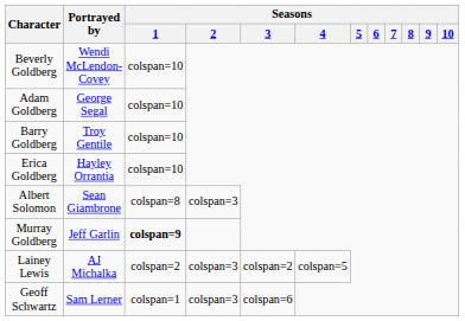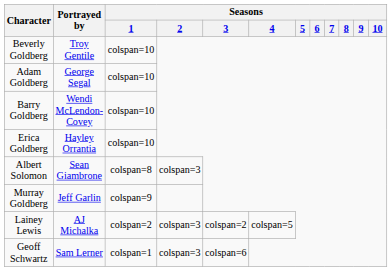 <table class="wikitable plainrowheaders" style="text-align:center;">
 <tr>
 <th scope="col" rowspan="2">Character</th>
 <th scope="col" rowspan="2">Portrayed by</th>
 <th scope="col" colspan="10">Seasons</th>
 </tr>
 <tr>
 <th scope="col" style="width:8%;"><a href='#'>1</a></th>
 <th scope="col" style="width:8%;"><a href='#'>2</a></th>
 <th scope="col" style="width:8%;"><a href='#'>3</a></th>
 <th scope="col" style="width:8%;"><a href='#'>4</a></th>
 <th scope="col" style="width:8%;"><a href='#'>5</a></th>
 <th scope="col" style="width:8%;"><a href='#'>6</a></th>
 <th scope="col" style="width:8%;"><a href='#'>7</a></th>
 <th scope="col" style="width:8%;"><a href='#'>8</a></th>
 <th scope="col" style="width:8%;"><a href='#'>9</a></th>
 <th scope="col" style="width:8%;"><a href='#'>10</a></th>
 </tr>
 <tr>
 <td>Beverly Goldberg</td>
-<td><a href='#'>Wendi McLendon-Covey</a></td>
+<td><a href='#'>Troy Gentile</a></td>
 <td>colspan=10 </td>
 </tr>
 <tr>
 <td>Adam Goldberg</td>
 <td><a href='#'>George Segal</a></td>
 <td>colspan=10 </td>
 </tr>
 <tr>
 <td>Barry Goldberg</td>
-<td><a href='#'>Troy Gentile</a></td>
+<td><a href='#'>Wendi McLendon-Covey</a></td>
 <td>colspan=10 </td>
 </tr>
 <tr>
 <td>Erica Goldberg</td>
 <td><a href='#'>Hayley Orrantia</a></td>
 <td>colspan=10 </td>
 </tr>
 <tr>
 <td>Albert Solomon</td>
 <td><a href='#'>Sean Giambrone</a></td>
 <td>colspan=8 </td>
 <td>colspan=3 </td>
 </tr>
 <tr>
 <td>Murray Goldberg</td>
 <td><a href='#'>Jeff Garlin</a></td>
-<td><strong>colspan=9 </strong></td>
+<td>colspan=9 </td>
 <td></td>
 </tr>
 <tr>
 <td>Lainey Lewis</td>
 <td><a href='#'>AJ Michalka</a></td>
 <td>colspan=2 </td>
 <td>colspan=3 </td>
 <td>colspan=2 </td>
 <td>colspan=5 </td>
 </tr>
 <tr>
 <td>Geoff Schwartz</td>
 <td><a href='#'>Sam Lerner</a></td>
 <td>colspan=1 </td>
 <td>colspan=3 </td>
 <td>colspan=6 </td>
 </tr>
 </table>
